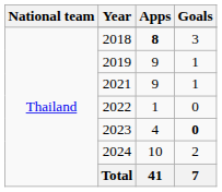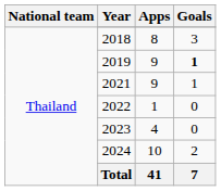 <table class="wikitable" style="text-align:center">
 <tr>
 <th>National team</th>
 <th>Year</th>
 <th>Apps</th>
 <th>Goals</th>
 </tr>
 <tr>
 <td rowspan="8" valign="center"><a href='#'>Thailand</a></td>
 </tr>
 <tr>
 <td>2018</td>
-<td><strong>8</strong></td>
+<td>8</td>
 <td>3</td>
 </tr>
 <tr>
 <td>2019</td>
 <td>9</td>
-<td>1</td>
+<td><strong>1</strong></td>
 </tr>
 <tr>
 <td>2021</td>
 <td>9</td>
 <td>1</td>
 </tr>
 <tr>
 <td>2022</td>
 <td>1</td>
 <td>0</td>
 </tr>
 <tr>
 <td>2023</td>
 <td>4</td>
-<td><strong>0</strong></td>
+<td>0</td>
 </tr>
 <tr>
 <td>2024</td>
 <td>10</td>
 <td>2</td>
 </tr>
 <tr>
 <th>Total</th>
 <th>41</th>
 <th>7</th>
 </tr>
 </table>
